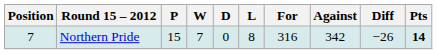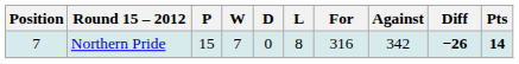 <table class="wikitable" style="text-align:center; font-size:85%;">
 <tr>
 <th width=40 abbr="Position">Position</th>
 <th width=100>Round 15 – 2012</th>
 <th width=20 abbr="Played">P</th>
 <th width=20 abbr="Won">W</th>
 <th width=20 abbr="Drawn">D</th>
 <th width=20 abbr="Lost">L</th>
 <th width=40 abbr="Points for">For</th>
 <th width=40 abbr="Points against">Against</th>
 <th width=40 abbr="Points difference">Diff</th>
 <th width=20 abbr="Points">Pts</th>
 </tr>
 <tr style="background: #d7ebed;">
 <td>7</td>
 <td style="text-align:left;"> <a href='#'>Northern Pride</a></td>
 <td>15</td>
 <td>7</td>
 <td>0</td>
 <td>8</td>
 <td>316</td>
 <td>342</td>
-<td>−26</td>
+<td><strong>−26</strong></td>
 <td><strong>14</strong></td>
 </tr>
 <tr>
 </tr>
 </table>
